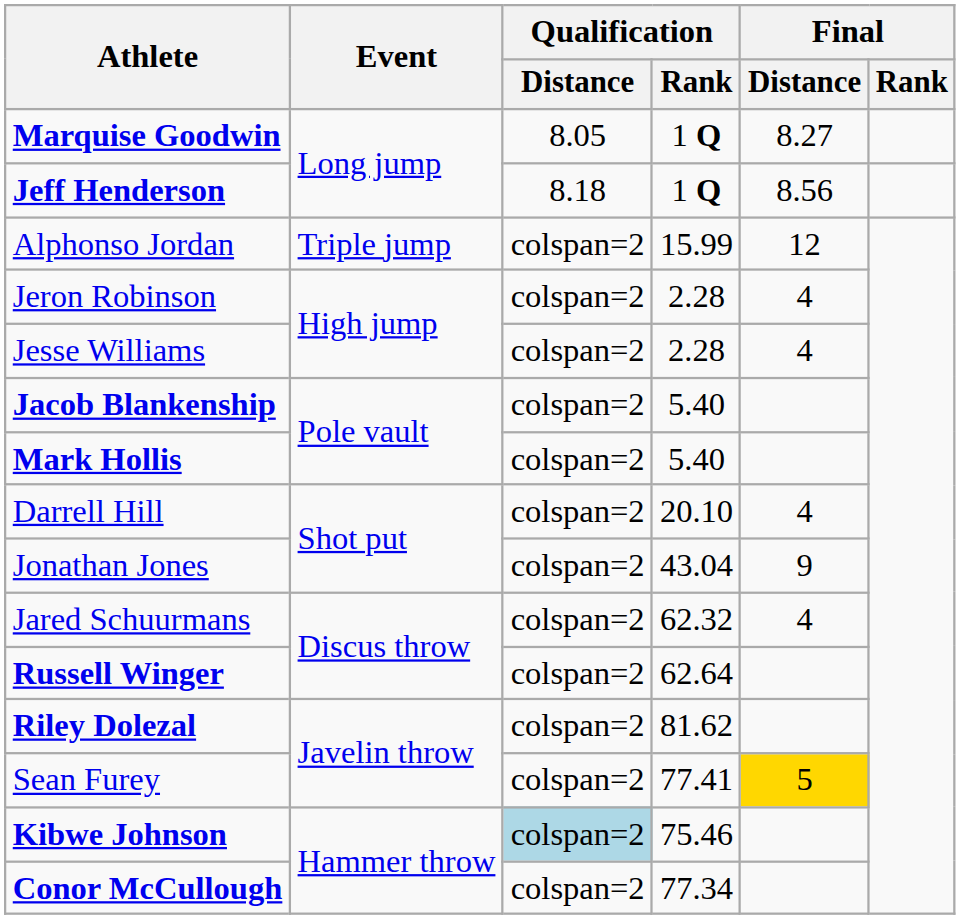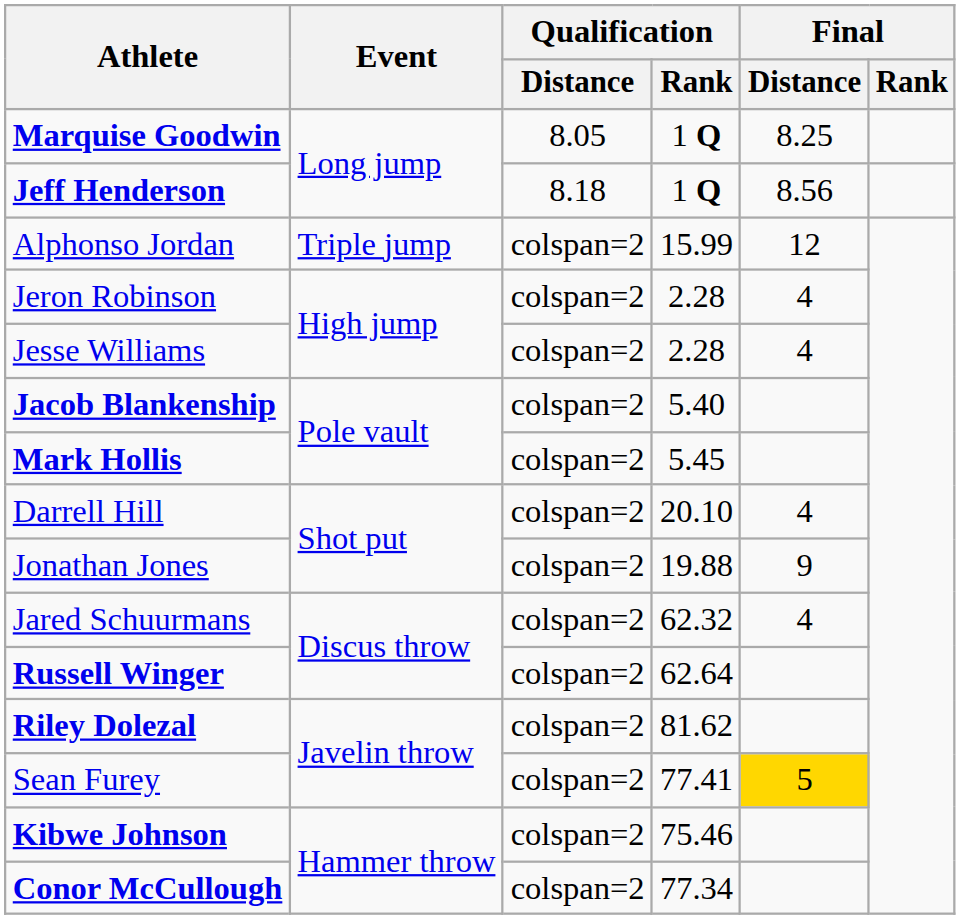 <table class=wikitable style="font-size:90%;">
 <tr>
 <th rowspan=2>Athlete</th>
 <th rowspan=2>Event</th>
 <th colspan=2>Qualification</th>
 <th colspan=2>Final</th>
 </tr>
 <tr style="font-size:95%">
 <th>Distance</th>
 <th>Rank</th>
 <th>Distance</th>
 <th>Rank</th>
 </tr>
 <tr align=center>
 <td align=left><strong><a href='#'>Marquise Goodwin</a></strong></td>
 <td align=left rowspan=2><a href='#'>Long jump</a></td>
 <td>8.05</td>
 <td>1 <strong>Q</strong></td>
-<td>8.27</td>
+<td>8.25</td>
 <td></td>
 </tr>
 <tr align=center>
 <td align=left><strong><a href='#'>Jeff Henderson</a></strong></td>
 <td>8.18</td>
 <td>1 <strong>Q</strong></td>
 <td>8.56</td>
 <td></td>
 </tr>
 <tr align=center>
 <td align=left><a href='#'>Alphonso Jordan</a></td>
 <td align=left><a href='#'>Triple jump</a></td>
 <td>colspan=2 </td>
 <td>15.99</td>
 <td>12</td>
 </tr>
 <tr align=center>
 <td align=left><a href='#'>Jeron Robinson</a></td>
 <td align=left rowspan=2><a href='#'>High jump</a></td>
 <td>colspan=2 </td>
 <td>2.28</td>
 <td>4</td>
 </tr>
 <tr align=center>
 <td align=left><a href='#'>Jesse Williams</a></td>
 <td>colspan=2 </td>
 <td>2.28</td>
 <td>4</td>
 </tr>
 <tr align=center>
 <td align=left><strong><a href='#'>Jacob Blankenship</a></strong></td>
 <td align=left rowspan=2><a href='#'>Pole vault</a></td>
 <td>colspan=2 </td>
 <td>5.40</td>
 <td></td>
 </tr>
 <tr align=center>
 <td align=left><strong><a href='#'>Mark Hollis</a></strong></td>
 <td>colspan=2 </td>
-<td>5.40</td>
+<td>5.45</td>
 <td></td>
 </tr>
 <tr align=center>
 <td align=left><a href='#'>Darrell Hill</a></td>
 <td align=left rowspan=2><a href='#'>Shot put</a></td>
 <td>colspan=2 </td>
 <td>20.10</td>
 <td>4</td>
 </tr>
 <tr align=center>
 <td align=left><a href='#'>Jonathan Jones</a></td>
 <td>colspan=2 </td>
-<td>43.04</td>
+<td>19.88</td>
 <td>9</td>
 </tr>
 <tr align=center>
 <td align=left><a href='#'>Jared Schuurmans</a></td>
 <td align=left rowspan=2><a href='#'>Discus throw</a></td>
 <td>colspan=2 </td>
 <td>62.32</td>
 <td>4</td>
 </tr>
 <tr align=center>
 <td align=left><strong><a href='#'>Russell Winger</a></strong></td>
 <td>colspan=2 </td>
 <td>62.64</td>
 <td></td>
 </tr>
 <tr align=center>
 <td align=left><strong><a href='#'>Riley Dolezal</a></strong></td>
 <td align=left rowspan=2><a href='#'>Javelin throw</a></td>
 <td>colspan=2 </td>
 <td>81.62</td>
 <td></td>
 </tr>
 <tr align=center>
 <td align=left><a href='#'>Sean Furey</a></td>
 <td>colspan=2 </td>
 <td>77.41</td>
 <td style="background: gold;">5</td>
 </tr>
 <tr align=center>
 <td align=left><strong><a href='#'>Kibwe Johnson</a></strong></td>
 <td align=left rowspan=2><a href='#'>Hammer throw</a></td>
-<td style="background: lightblue;">colspan=2 </td>
+<td>colspan=2 </td>
 <td>75.46</td>
 <td></td>
 </tr>
 <tr align=center>
 <td align=left><strong><a href='#'>Conor McCullough</a></strong></td>
 <td>colspan=2 </td>
 <td>77.34</td>
 <td></td>
 </tr>
 </table>
